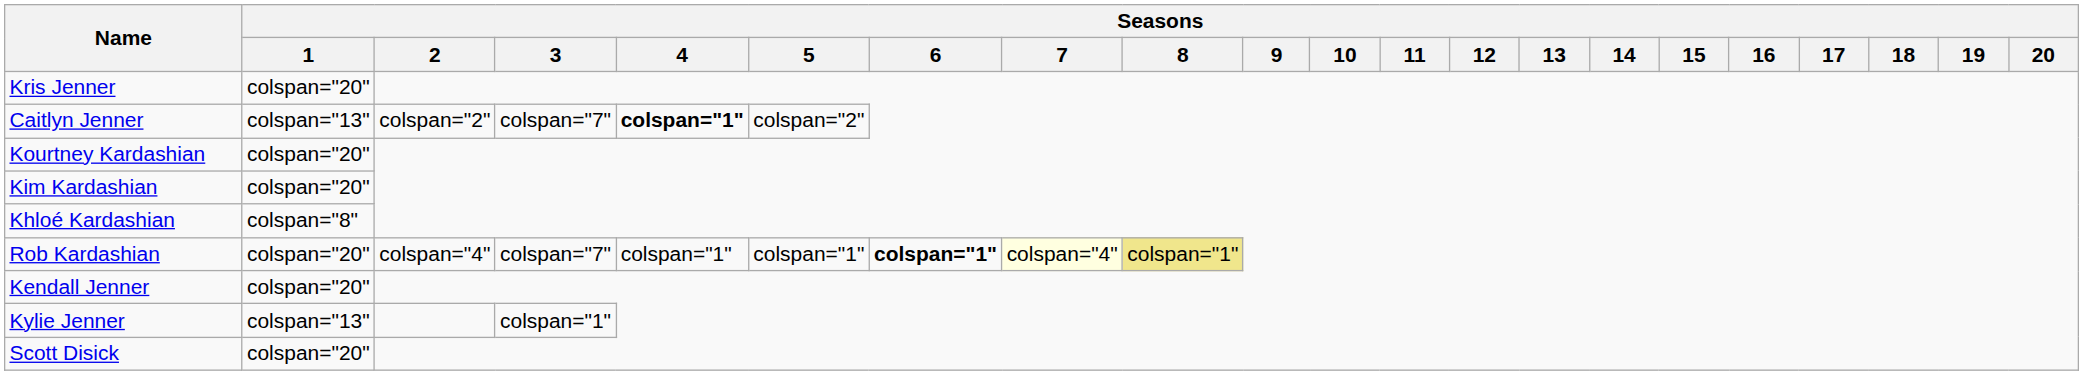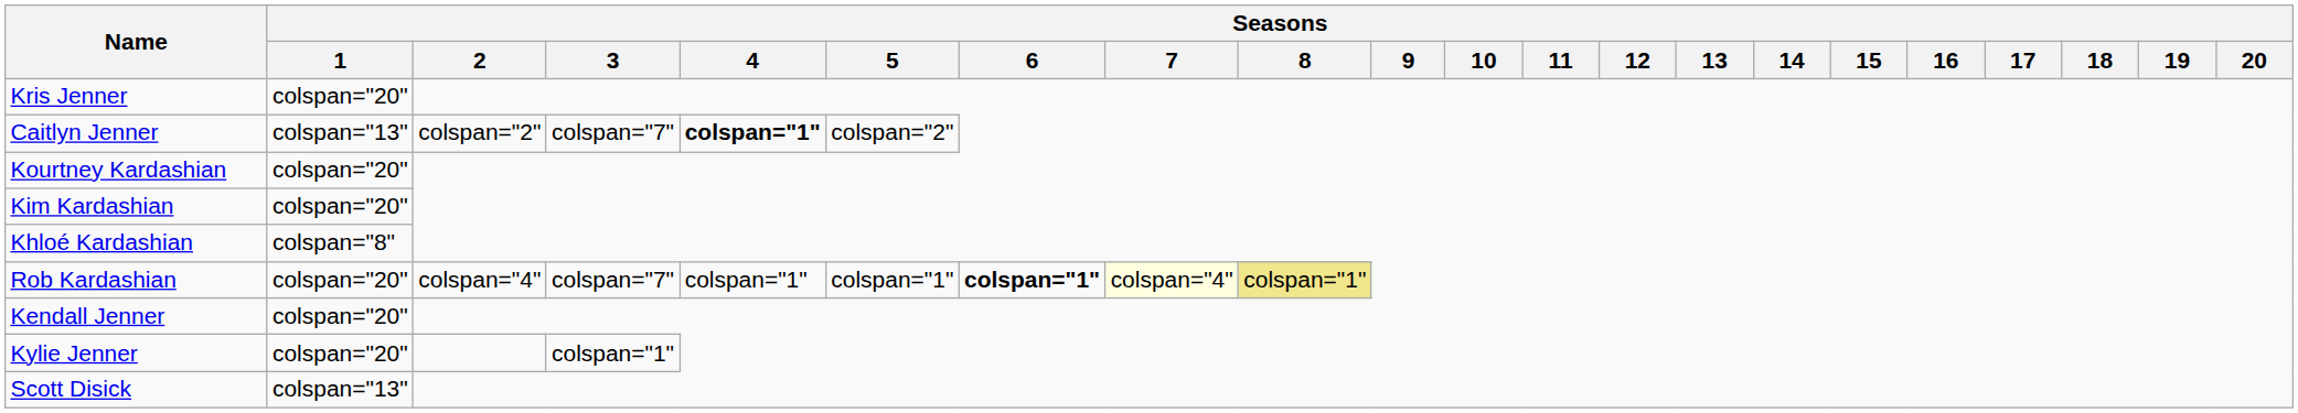 <table class="wikitable" style="width:100%">
 <tr>
 <th rowspan="2" scope="col" width="12%">Name</th>
 <th colspan="20" scope="col">Seasons</th>
 </tr>
 <tr>
 <th scope="col" style="width:4%;">1</th>
 <th scope="col" style="width:4%;">2</th>
 <th scope="col" style="width:4%;">3</th>
 <th scope="col" style="width:4%;">4</th>
 <th scope="col" style="width:4%;">5</th>
 <th scope="col" style="width:4%;">6</th>
 <th scope="col" style="width:4%;">7</th>
 <th scope="col" style="width:4%;">8</th>
 <th scope="col" style="width:4%;">9</th>
 <th scope="col" style="width:4%;">10</th>
 <th scope="col" style="width:4%;">11</th>
 <th scope="col" style="width:4%;">12</th>
 <th scope="col" style="width:4%;">13</th>
 <th scope="col" style="width:4%;">14</th>
 <th scope="col" style="width:4%;">15</th>
 <th scope="col" style="width:4%;">16</th>
 <th scope="col" style="width:4%;">17</th>
 <th scope="col" style="width:4%;">18</th>
 <th scope="col" style="width:4%;">19</th>
 <th scope="col" style="width:4%;">20</th>
 </tr>
 <tr>
 <td><a href='#'>Kris Jenner</a></td>
 <td>colspan="20" </td>
 </tr>
 <tr>
 <td><a href='#'>Caitlyn Jenner</a></td>
 <td>colspan="13" </td>
 <td>colspan="2" </td>
 <td>colspan="7" </td>
 <td><strong>colspan="1" </strong></td>
 <td>colspan="2" </td>
 </tr>
 <tr>
 <td nowrap><a href='#'>Kourtney Kardashian</a></td>
 <td>colspan="20" </td>
 </tr>
 <tr>
 <td><a href='#'>Kim Kardashian</a></td>
 <td>colspan="20" </td>
 </tr>
 <tr>
 <td><a href='#'>Khloé Kardashian</a></td>
 <td>colspan="8" </td>
 </tr>
 <tr>
 <td><a href='#'>Rob Kardashian</a></td>
 <td>colspan="20" </td>
 <td>colspan="4" </td>
 <td>colspan="7" </td>
 <td>colspan="1" </td>
 <td>colspan="1" </td>
 <td><strong>colspan="1" </strong></td>
 <td style="background: lightyellow;">colspan="4" </td>
 <td style="background: khaki;">colspan="1" </td>
 </tr>
 <tr>
 <td><a href='#'>Kendall Jenner</a></td>
 <td>colspan="20" </td>
 </tr>
 <tr>
 <td><a href='#'>Kylie Jenner</a></td>
-<td>colspan="13" </td>
+<td>colspan="20" </td>
 <td></td>
 <td>colspan="1" </td>
 </tr>
 <tr>
 <td><a href='#'>Scott Disick</a></td>
-<td>colspan="20" </td>
+<td>colspan="13" </td>
 </tr>
 </table>
